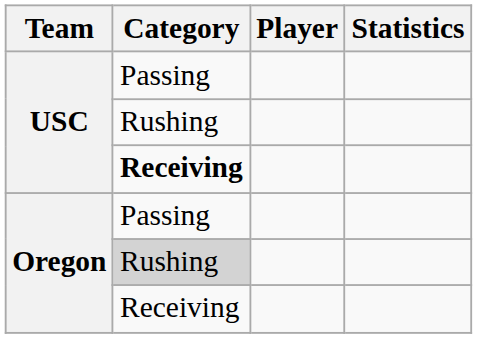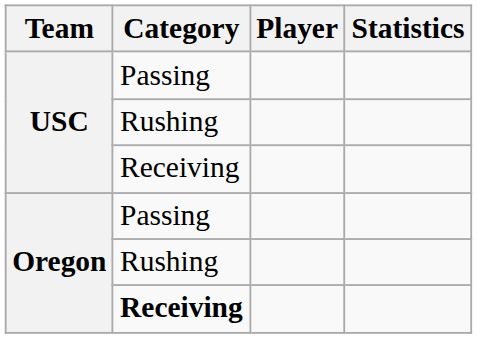 <table class="wikitable" style="float:right">
 <tr>
 <th>Team</th>
 <th>Category</th>
 <th>Player</th>
 <th>Statistics</th>
 </tr>
 <tr>
 <th rowspan=3>USC</th>
 <td>Passing</td>
 <td></td>
 <td></td>
 </tr>
 <tr>
 <td>Rushing</td>
 <td></td>
 <td></td>
 </tr>
 <tr>
-<td><strong>Receiving</strong></td>
+<td>Receiving</td>
 <td></td>
 <td></td>
 </tr>
 <tr>
 <th rowspan=3>Oregon</th>
 <td>Passing</td>
 <td></td>
 <td></td>
 </tr>
 <tr>
-<td style="background: lightgrey;">Rushing</td>
+<td>Rushing</td>
 <td></td>
 <td></td>
 </tr>
 <tr>
-<td>Receiving</td>
+<td><strong>Receiving</strong></td>
 <td></td>
 <td></td>
 </tr>
 </table>
